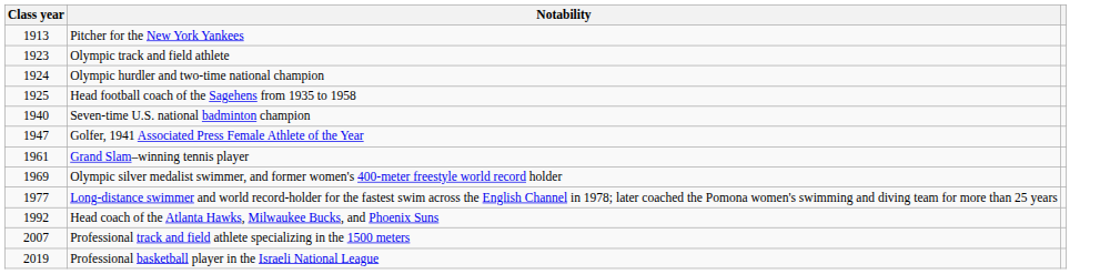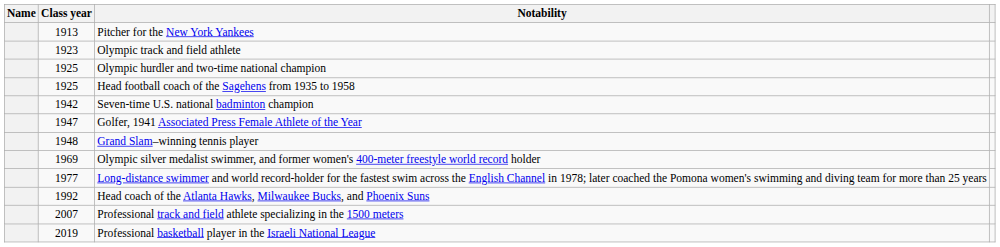 <table class="wikitable sortable plainrowheaders" style="text-align:center; border:2px solid #">
 <tr>
+<th scope="col">Name</th>
 <th scope="col">Class year</th>
 <th scope="col">Notability</th>
 <th scope="col"></th>
 </tr>
 <tr>
+<th scope="row"></th>
 <td>1913</td>
 <td style="text-align:left;">Pitcher for the <a href='#'>New York Yankees</a></td>
 <td></td>
 </tr>
 <tr>
+<th scope="row"></th>
 <td>1923</td>
 <td style="text-align:left;">Olympic track and field athlete</td>
 <td></td>
 </tr>
 <tr>
-<td>1924</td>
+<th scope="row"></th>
+<td>1925</td>
 <td style="text-align:left;">Olympic hurdler and two-time national champion</td>
 <td></td>
 </tr>
 <tr>
+<th scope="row"></th>
 <td>1925</td>
 <td style="text-align:left;">Head football coach of the <a href='#'>Sagehens</a> from 1935 to 1958</td>
 <td></td>
 </tr>
 <tr>
-<td>1940</td>
+<th scope="row"></th>
+<td>1942</td>
 <td style="text-align:left;">Seven-time U.S. national <a href='#'>badminton</a> champion</td>
 <td></td>
 </tr>
 <tr>
+<th scope="row"></th>
 <td>1947</td>
 <td style="text-align:left;">Golfer, 1941 <a href='#'>Associated Press Female Athlete of the Year</a></td>
 <td></td>
 </tr>
 <tr>
-<td>1961</td>
+<th scope="row"></th>
+<td>1948</td>
 <td style="text-align:left;"><a href='#'>Grand Slam</a>–winning tennis player</td>
 <td></td>
 </tr>
 <tr>
+<th scope="row"></th>
 <td>1969</td>
 <td style="text-align:left;">Olympic silver medalist swimmer, and former women's <a href='#'>400-meter freestyle world record</a> holder</td>
 <td></td>
 </tr>
 <tr>
+<th scope="row"></th>
 <td>1977</td>
 <td style="text-align:left;"><a href='#'>Long-distance swimmer</a> and world record-holder for the fastest swim across the <a href='#'>English Channel</a> in 1978; later coached the Pomona women's swimming and diving team for more than 25 years</td>
 <td></td>
 </tr>
 <tr>
+<th scope="row"></th>
 <td>1992</td>
 <td style="text-align:left;">Head coach of the <a href='#'>Atlanta Hawks</a>, <a href='#'>Milwaukee Bucks</a>, and <a href='#'>Phoenix Suns</a></td>
 <td></td>
 </tr>
 <tr>
+<th scope="row"></th>
 <td>2007</td>
 <td style="text-align:left;">Professional <a href='#'>track and field</a> athlete specializing in the <a href='#'>1500 meters</a></td>
 <td></td>
 </tr>
 <tr>
+<th scope="row"></th>
 <td>2019</td>
 <td style="text-align:left;">Professional <a href='#'>basketball</a> player in the <a href='#'>Israeli National League</a></td>
 <td></td>
 </tr>
 </table>
